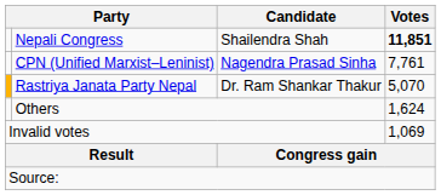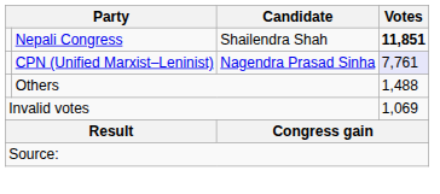 <table class="wikitable">
 <tr>
 <th colspan="2">Party</th>
 <th>Candidate</th>
 <th>Votes</th>
 </tr>
 <tr>
 <td style="background-color:"></td>
 <td><a href='#'>Nepali Congress</a></td>
 <td>Shailendra Shah</td>
 <td><strong>11,851</strong></td>
 </tr>
 <tr>
 <td style="background-color:"></td>
 <td><a href='#'>CPN (Unified Marxist–Leninist)</a></td>
 <td><a href='#'>Nagendra Prasad Sinha</a></td>
-<td>7,761</td>
-</tr>
-<tr>
-<td style="background-color:#ffb300"></td>
-<td><a href='#'>Rastriya Janata Party Nepal</a></td>
-<td>Dr. Ram Shankar Thakur</td>
-<td>5,070</td>
+<td style="background: lavender;">7,761</td>
 </tr>
 <tr>
 <td></td>
 <td colspan="2">Others</td>
-<td>1,624</td>
+<td>1,488</td>
 </tr>
 <tr>
 <td colspan="3">Invalid votes</td>
 <td>1,069</td>
 </tr>
 <tr>
 <th colspan="2">Result</th>
 <th colspan="2">Congress gain</th>
 </tr>
 <tr>
 <td colspan="4">Source: </td>
 </tr>
 </table>
